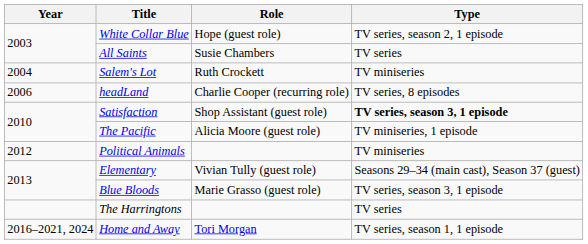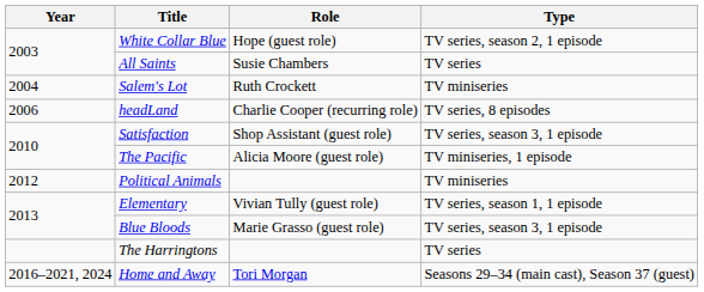 <table class="wikitable">
 <tr>
 <th>Year</th>
 <th>Title</th>
 <th>Role</th>
 <th>Type</th>
 </tr>
 <tr>
 <td rowspan="2">2003</td>
 <td><em><a href='#'>White Collar Blue</a></em></td>
 <td>Hope (guest role)</td>
 <td>TV series, season 2, 1 episode</td>
 </tr>
 <tr>
 <td><em><a href='#'>All Saints</a></em></td>
 <td>Susie Chambers</td>
 <td>TV series</td>
 </tr>
 <tr>
 <td>2004</td>
 <td><em><a href='#'>Salem's Lot</a></em></td>
 <td>Ruth Crockett</td>
 <td>TV miniseries</td>
 </tr>
 <tr>
 <td>2006</td>
 <td><em><a href='#'>headLand</a></em></td>
 <td>Charlie Cooper (recurring role)</td>
 <td>TV series, 8 episodes</td>
 </tr>
 <tr>
 <td rowspan="2">2010</td>
 <td><em><a href='#'>Satisfaction</a></em></td>
 <td>Shop Assistant (guest role)</td>
-<td><strong>TV series, season 3, 1 episode</strong></td>
+<td>TV series, season 3, 1 episode</td>
 </tr>
 <tr>
 <td><em><a href='#'>The Pacific</a></em></td>
 <td>Alicia Moore (guest role)</td>
 <td>TV miniseries, 1 episode</td>
 </tr>
 <tr>
 <td>2012</td>
 <td><em><a href='#'>Political Animals</a></em></td>
 <td></td>
 <td>TV miniseries</td>
 </tr>
 <tr>
 <td rowspan="2">2013</td>
 <td><em><a href='#'>Elementary</a></em></td>
 <td>Vivian Tully (guest role)</td>
-<td>Seasons 29–34 (main cast), Season 37 (guest)</td>
+<td>TV series, season 1, 1 episode</td>
 </tr>
 <tr>
 <td><em><a href='#'>Blue Bloods</a></em></td>
 <td>Marie Grasso (guest role)</td>
 <td>TV series, season 3, 1 episode</td>
 </tr>
 <tr>
 <td></td>
 <td><em>The Harringtons</em></td>
 <td></td>
 <td>TV series</td>
 </tr>
 <tr>
 <td>2016–2021, 2024</td>
 <td><em><a href='#'>Home and Away</a></em></td>
 <td><a href='#'>Tori Morgan</a></td>
-<td>TV series, season 1, 1 episode</td>
+<td>Seasons 29–34 (main cast), Season 37 (guest)</td>
 </tr>
 </table>
